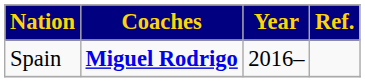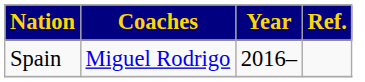 <table class="wikitable" ">
 <tr style="color:gold;">
 <th style="background:#000080;">Nation</th>
 <th style="background:#000080;">Coaches</th>
 <th style="background:#000080;">Year</th>
 <th style="background:#000080;">Ref.</th>
 </tr>
 <tr>
 <td> Spain</td>
-<td><strong><a href='#'>Miguel Rodrigo</a></strong></td>
+<td><a href='#'>Miguel Rodrigo</a></td>
 <td>2016–</td>
 <td></td>
 </tr>
 <tr>
 </tr>
 </table>
